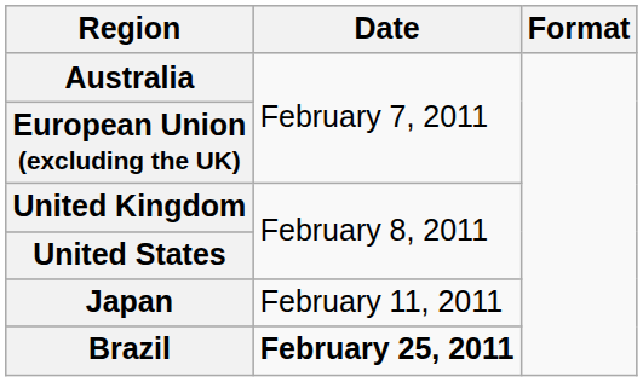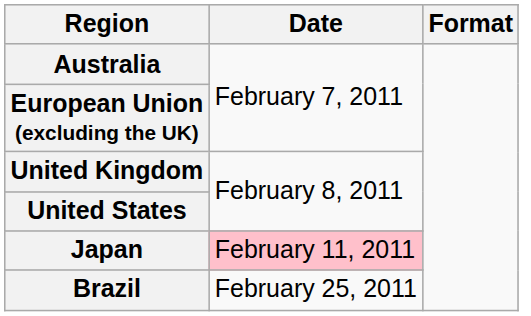 <table class="wikitable plainrowheaders">
 <tr>
 <th scope="col">Region</th>
 <th scope="col">Date</th>
 <th scope="col">Format</th>
 </tr>
 <tr>
 <th scope="row">Australia</th>
 <td rowspan="2">February 7, 2011</td>
 <td rowspan="6"></td>
 </tr>
 <tr>
 <th scope="row">European Union <br> <small>(excluding the UK)</small></th>
 </tr>
 <tr>
 <th scope="row">United Kingdom</th>
 <td rowspan="2">February 8, 2011</td>
 </tr>
 <tr>
 <th scope="row">United States</th>
 </tr>
 <tr>
 <th scope="row">Japan</th>
-<td>February 11, 2011</td>
+<td style="background: pink;">February 11, 2011</td>
 </tr>
 <tr>
 <th scope="row">Brazil</th>
-<td><strong>February 25, 2011</strong></td>
+<td>February 25, 2011</td>
 </tr>
 </table>
